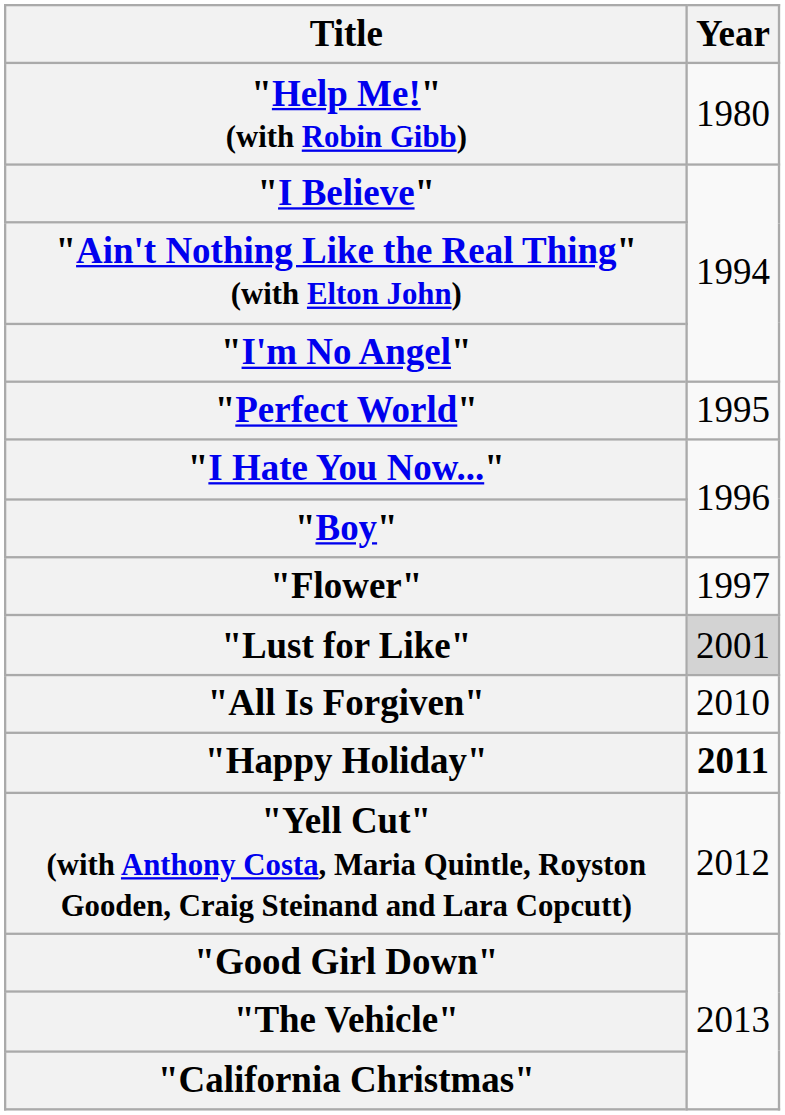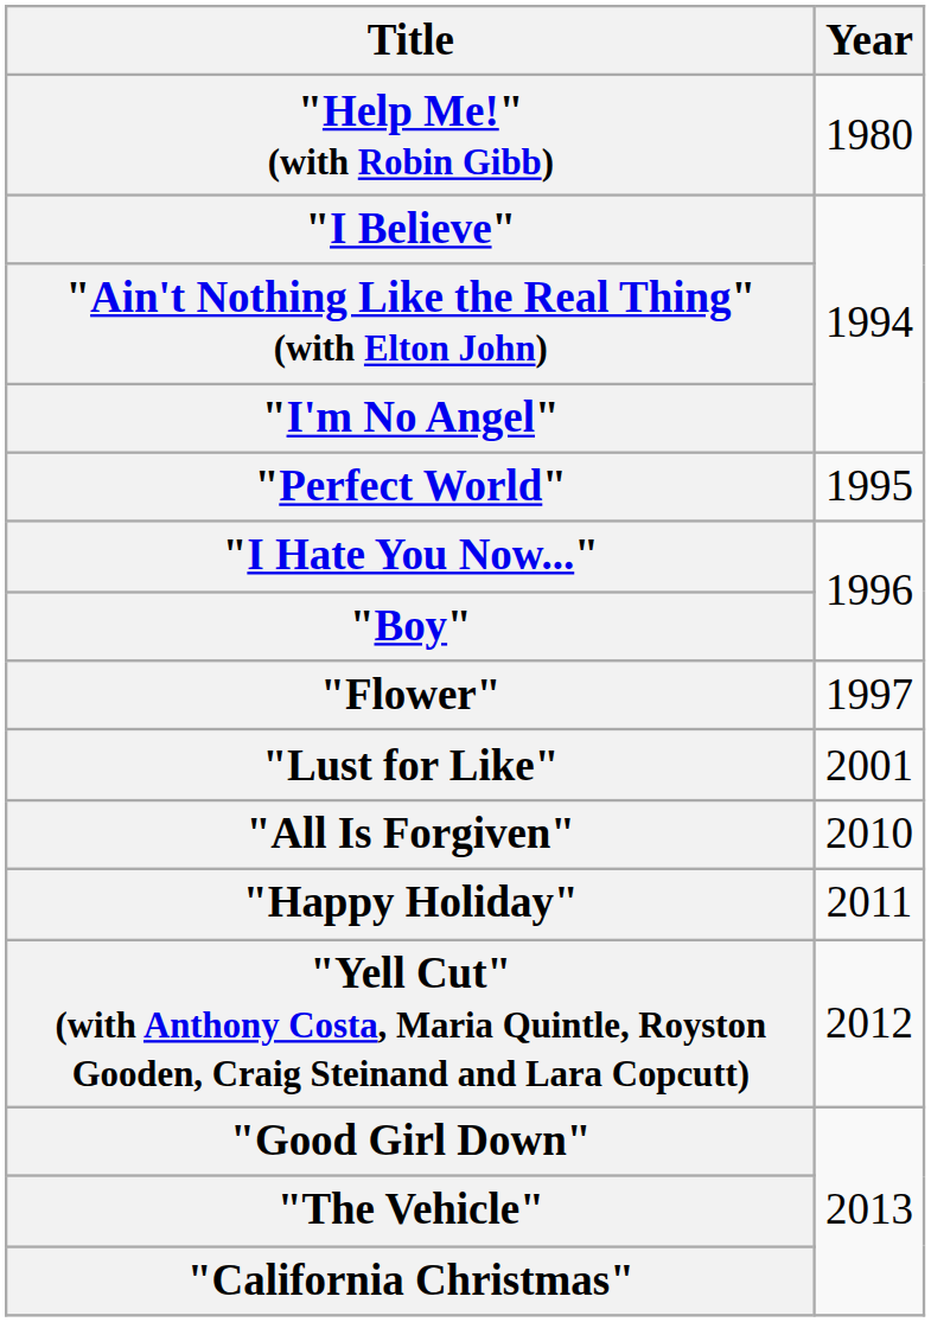 <table class="wikitable plainrowheaders" style="text-align:center;" border="1">
 <tr>
 <th scope="col" style="width:18em;">Title</th>
 <th scope="col" style="width:1em;">Year</th>
 </tr>
 <tr>
 <th scope="row">"<a href='#'>Help Me!</a>"<br><small>(with <a href='#'>Robin Gibb</a>)</small></th>
 <td>1980</td>
 </tr>
 <tr>
 <th scope="row">"<a href='#'>I Believe</a>"</th>
 <td rowspan="3">1994</td>
 </tr>
 <tr>
 <th scope="row">"<a href='#'>Ain't Nothing Like the Real Thing</a>"<br><small>(with <a href='#'>Elton John</a>)</small></th>
 </tr>
 <tr>
 <th scope="row">"<a href='#'>I'm No Angel</a>"</th>
 </tr>
 <tr>
 <th scope="row">"<a href='#'>Perfect World</a>"</th>
 <td>1995</td>
 </tr>
 <tr>
 <th scope="row">"<a href='#'>I Hate You Now...</a>"</th>
 <td rowspan="2">1996</td>
 </tr>
 <tr>
 <th scope="row">"<a href='#'>Boy</a>"</th>
 </tr>
 <tr>
 <th scope="row">"Flower"</th>
 <td>1997</td>
 </tr>
 <tr>
 <th scope="row">"Lust for Like"</th>
-<td style="background: lightgrey;">2001</td>
+<td>2001</td>
 </tr>
 <tr>
 <th scope="row">"All Is Forgiven"</th>
 <td>2010</td>
 </tr>
 <tr>
 <th scope="row">"Happy Holiday"</th>
-<td><strong>2011</strong></td>
+<td>2011</td>
 </tr>
 <tr>
 <th scope="row">"Yell Cut"<br><small>(with <a href='#'>Anthony Costa</a>, Maria Quintle, Royston Gooden, Craig Steinand and Lara Copcutt)</small></th>
 <td>2012</td>
 </tr>
 <tr>
 <th scope="row">"Good Girl Down"</th>
 <td rowspan="3">2013</td>
 </tr>
 <tr>
 <th scope="row">"The Vehicle"</th>
 </tr>
 <tr>
 <th scope="row">"California Christmas"</th>
 </tr>
 </table>
